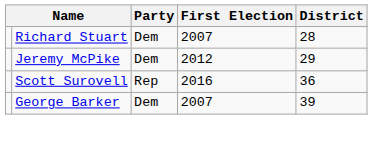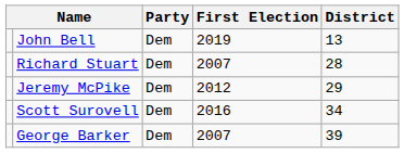 <table class=wikitable style="float:right">
 <tr>
 <th colspan=2 align=center>Name</th>
 <th valign=bottom>Party</th>
 <th valign=bottom>First Election</th>
 <th valign=bottom>District</th>
+</tr>
+<tr>
+<td style="background-color:"></td>
+<td><a href='#'>John Bell</a></td>
+<td>Dem</td>
+<td>2019</td>
+<td>13</td>
 </tr>
 <tr>
 <td style="background-color:"></td>
 <td><a href='#'>Richard Stuart</a></td>
 <td>Dem</td>
 <td>2007</td>
 <td>28</td>
 </tr>
 <tr>
 <td style="background-color:"></td>
 <td><a href='#'>Jeremy McPike</a></td>
 <td>Dem</td>
 <td>2012</td>
 <td>29</td>
 </tr>
 <tr>
 <td style="background-color:"></td>
 <td><a href='#'>Scott Surovell</a></td>
-<td>Rep</td>
+<td>Dem</td>
 <td>2016</td>
-<td>36</td>
+<td>34</td>
 </tr>
 <tr>
 <td style="background-color:"></td>
 <td><a href='#'>George Barker</a></td>
 <td>Dem</td>
 <td>2007</td>
 <td>39</td>
 </tr>
 </table>
